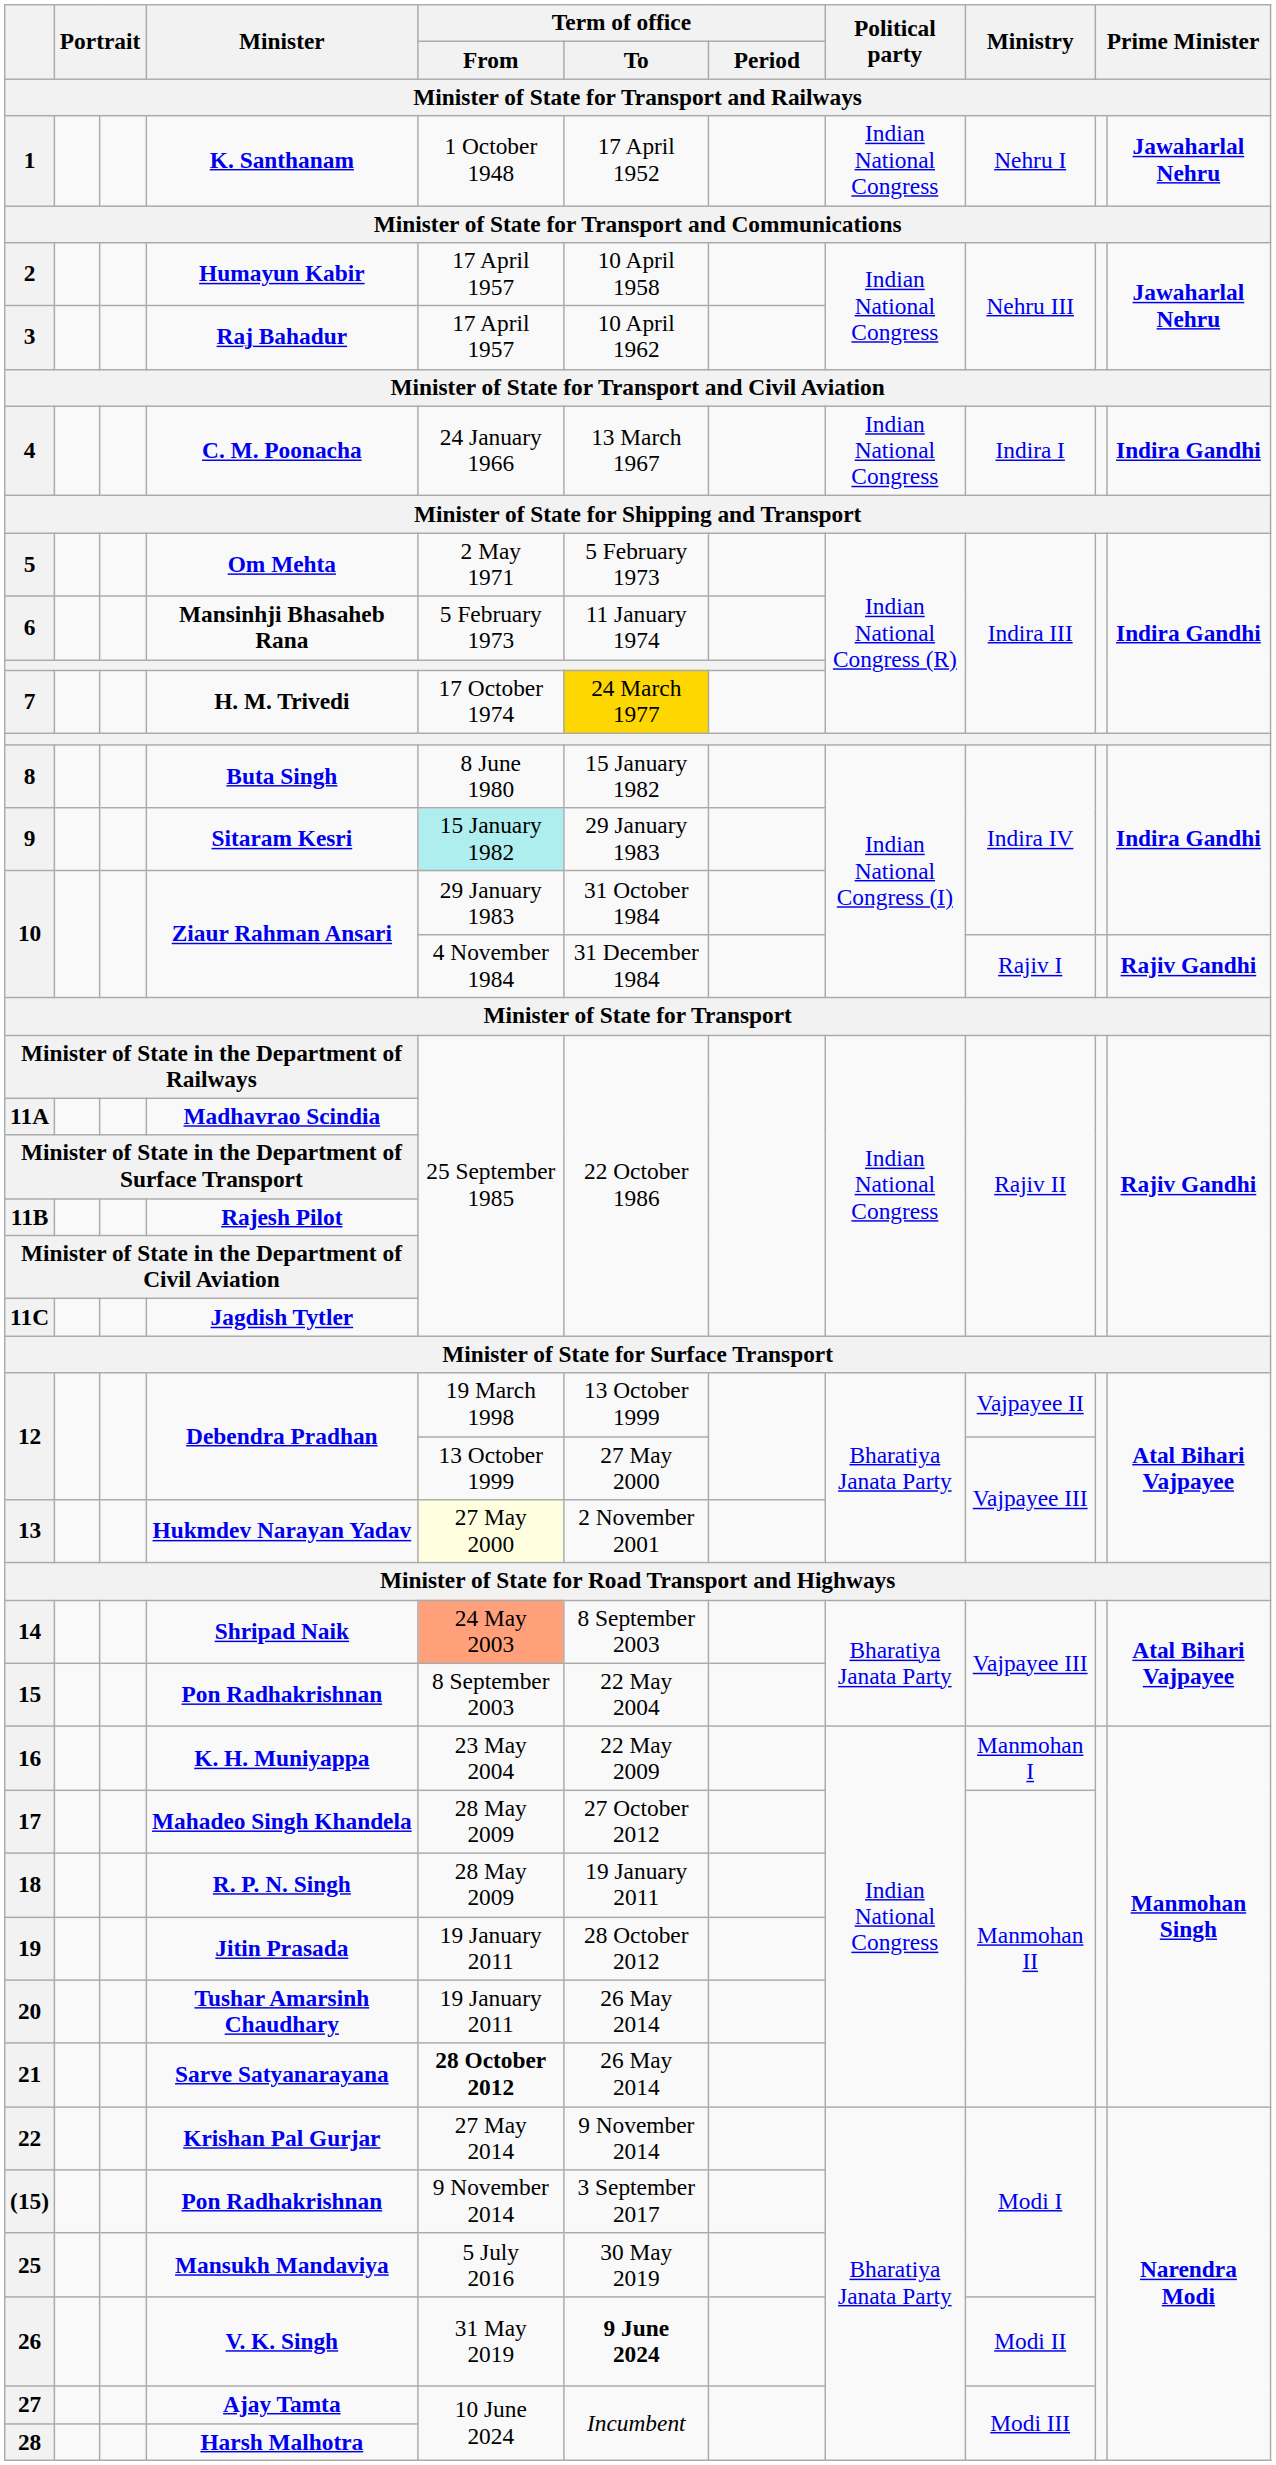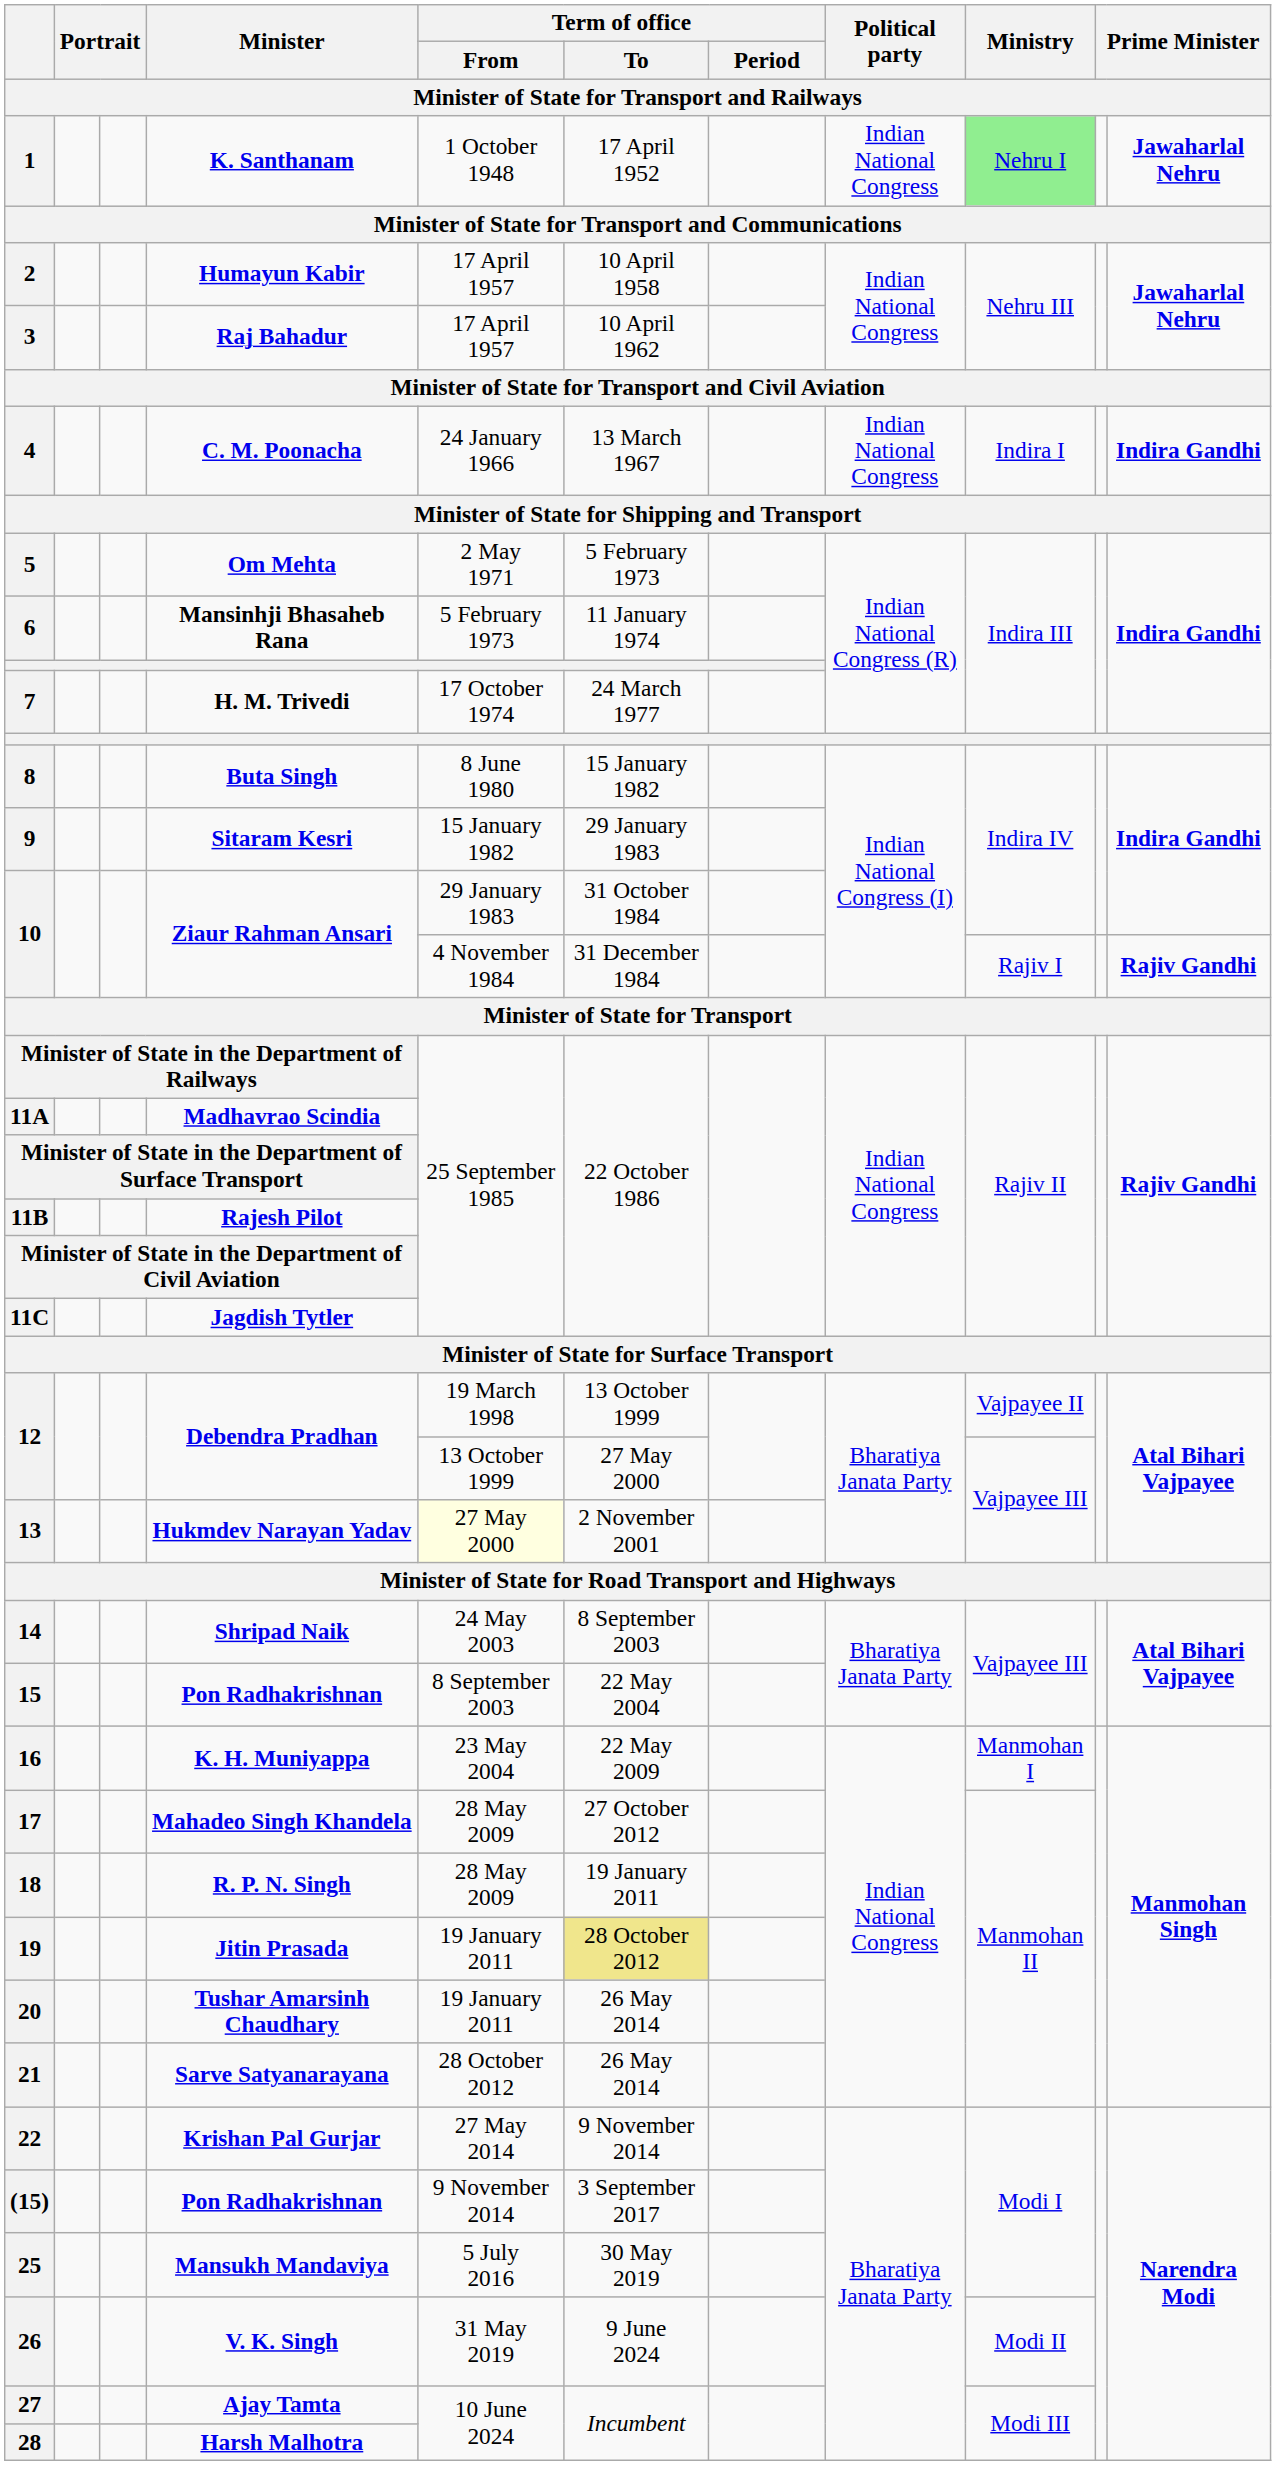 <table class="wikitable" style="text-align:center">
 <tr>
 <th rowspan="2"></th>
 <th rowspan="2" colspan="2">Portrait</th>
 <th rowspan="2" style="width:18em">Minister<br></th>
 <th colspan="3">Term of office</th>
 <th rowspan="2" style="width:8em">Political party</th>
 <th rowspan="2" style="width:6em">Ministry</th>
 <th rowspan="2" colspan="2">Prime Minister</th>
 </tr>
 <tr>
 <th style="width:8em">From</th>
 <th style="width:8em">To</th>
 <th style="width:7em">Period</th>
 </tr>
 <tr>
 <th colspan="11">Minister of State for Transport and Railways</th>
 </tr>
 <tr>
 <th>1</th>
 <td style="color:inherit;background:"></td>
 <td></td>
 <td><strong><a href='#'>K. Santhanam</a></strong><br></td>
 <td>1 October<br>1948</td>
 <td>17 April<br>1952</td>
 <td><strong></strong></td>
 <td><a href='#'>Indian National Congress</a></td>
-<td><a href='#'>Nehru I</a></td>
+<td style="background: lightgreen;"><a href='#'>Nehru I</a></td>
 <td style="color:inherit;background:"></td>
 <td style="width:9em"><strong><a href='#'>Jawaharlal Nehru</a></strong></td>
 </tr>
 <tr>
 <th colspan="11">Minister of State for Transport and Communications</th>
 </tr>
 <tr>
 <th>2</th>
 <td style="color:inherit;background:"></td>
 <td></td>
 <td><strong><a href='#'>Humayun Kabir</a></strong><br></td>
 <td>17 April<br>1957</td>
 <td>10 April<br>1958</td>
 <td><strong></strong></td>
 <td rowspan="2"><a href='#'>Indian National Congress</a></td>
 <td rowspan="2"><a href='#'>Nehru III</a></td>
 <td rowspan="2" style="color:inherit;background:"></td>
 <td rowspan="2"><strong><a href='#'>Jawaharlal Nehru</a></strong></td>
 </tr>
 <tr>
 <th>3</th>
 <td style="color:inherit;background:"></td>
 <td></td>
 <td><strong><a href='#'>Raj Bahadur</a></strong><br></td>
 <td>17 April<br>1957</td>
 <td>10 April<br>1962</td>
 <td><strong></strong></td>
 </tr>
 <tr>
 <th colspan="11">Minister of State for Transport and Civil Aviation</th>
 </tr>
 <tr>
 <th>4</th>
 <td style="color:inherit;background:"></td>
 <td></td>
 <td><strong><a href='#'>C. M. Poonacha</a></strong><br></td>
 <td>24 January<br>1966</td>
 <td>13 March<br>1967</td>
 <td><strong></strong></td>
 <td><a href='#'>Indian National Congress</a></td>
 <td><a href='#'>Indira I</a></td>
 <td style="color:inherit;background:"></td>
 <td><strong><a href='#'>Indira Gandhi</a></strong></td>
 </tr>
 <tr>
 <th colspan="11">Minister of State for Shipping and Transport</th>
 </tr>
 <tr>
 <th>5</th>
 <td style="color:inherit;background:"></td>
 <td></td>
 <td><strong><a href='#'>Om Mehta</a></strong><br></td>
 <td>2 May<br>1971</td>
 <td>5 February<br>1973</td>
 <td><strong></strong></td>
 <td rowspan="4"><a href='#'>Indian National Congress (R)</a></td>
 <td rowspan="4"><a href='#'>Indira III</a></td>
 <td rowspan="4" style="color:inherit;background:"></td>
 <td rowspan="4"><strong><a href='#'>Indira Gandhi</a></strong></td>
 </tr>
 <tr>
 <th>6</th>
 <td style="color:inherit;background:"></td>
 <td></td>
 <td><strong>Mansinhji Bhasaheb Rana</strong><br></td>
 <td>5 February<br>1973</td>
 <td>11 January<br>1974</td>
 <td><strong></strong></td>
 </tr>
 <tr>
 <th colspan="7"></th>
 </tr>
 <tr>
 <th>7</th>
 <td style="color:inherit;background:"></td>
 <td></td>
 <td><strong>H. M. Trivedi</strong><br></td>
 <td>17 October<br>1974</td>
-<td style="background: gold;">24 March<br>1977</td>
+<td>24 March<br>1977</td>
 <td><strong></strong></td>
 </tr>
 <tr>
 <th colspan="11"></th>
 </tr>
 <tr>
 <th>8</th>
 <td style="color:inherit;background:"></td>
 <td></td>
 <td><strong><a href='#'>Buta Singh</a></strong><br></td>
 <td>8 June<br>1980</td>
 <td>15 January<br>1982</td>
 <td><strong></strong></td>
 <td rowspan="4"><a href='#'>Indian National Congress (I)</a></td>
 <td rowspan="3"><a href='#'>Indira IV</a></td>
 <td rowspan="3" style="color:inherit;background:"></td>
 <td rowspan="3"><strong><a href='#'>Indira Gandhi</a></strong></td>
 </tr>
 <tr>
 <th>9</th>
 <td style="color:inherit;background:"></td>
 <td></td>
 <td><strong><a href='#'>Sitaram Kesri</a></strong><br></td>
-<td style="background: paleturquoise;">15 January<br>1982</td>
+<td>15 January<br>1982</td>
 <td>29 January<br>1983</td>
 <td><strong></strong></td>
 </tr>
 <tr>
 <th rowspan="2">10</th>
 <td rowspan="2" style="color:inherit;background:"></td>
 <td rowspan="2"></td>
 <td rowspan="2"><strong><a href='#'>Ziaur Rahman Ansari</a></strong><br></td>
 <td>29 January<br>1983</td>
 <td>31 October<br>1984</td>
 <td><strong></strong></td>
 </tr>
 <tr>
 <td>4 November<br>1984</td>
 <td>31 December<br>1984</td>
 <td><strong></strong></td>
 <td><a href='#'>Rajiv I</a></td>
 <td style="color:inherit;background:"></td>
 <td><strong><a href='#'>Rajiv Gandhi</a></strong></td>
 </tr>
 <tr>
 <th colspan="11">Minister of State for Transport</th>
 </tr>
 <tr>
 <th colspan="4">Minister of State in the Department of Railways</th>
 <td rowspan="6">25 September<br>1985</td>
 <td rowspan="6">22 October<br>1986</td>
 <td rowspan="6"><strong></strong></td>
 <td rowspan="6"><a href='#'>Indian National Congress</a></td>
 <td rowspan="6"><a href='#'>Rajiv II</a></td>
 <td rowspan="6" style="color:inherit;background:"></td>
 <td rowspan="6"><strong><a href='#'>Rajiv Gandhi</a></strong></td>
 </tr>
 <tr>
 <th>11A</th>
 <td style="color:inherit;background:"></td>
 <td></td>
 <td><strong><a href='#'>Madhavrao Scindia</a></strong><br></td>
 </tr>
 <tr>
 <th colspan="4">Minister of State in the Department of Surface Transport</th>
 </tr>
 <tr>
 <th>11B</th>
 <td style="color:inherit;background:"></td>
 <td></td>
 <td><strong><a href='#'>Rajesh Pilot</a></strong><br></td>
 </tr>
 <tr>
 <th colspan="4">Minister of State in the Department of Civil Aviation</th>
 </tr>
 <tr>
 <th>11C</th>
 <td style="color:inherit;background:"></td>
 <td></td>
 <td><strong><a href='#'>Jagdish Tytler</a></strong><br></td>
 </tr>
 <tr>
 <th colspan="11">Minister of State for Surface Transport</th>
 </tr>
 <tr>
 <th rowspan="2">12</th>
 <td rowspan="2" style="color:inherit;background:"></td>
 <td rowspan="2"></td>
 <td rowspan="2"><strong><a href='#'>Debendra Pradhan</a></strong><br></td>
 <td>19 March<br>1998</td>
 <td>13 October<br>1999</td>
 <td rowspan="2"><strong></strong></td>
 <td rowspan="3"><a href='#'>Bharatiya Janata Party</a></td>
 <td><a href='#'>Vajpayee II</a></td>
 <td rowspan="3" style="color:inherit;background:"></td>
 <td rowspan="3"><strong><a href='#'>Atal Bihari Vajpayee</a></strong></td>
 </tr>
 <tr>
 <td>13 October<br>1999</td>
 <td>27 May<br>2000</td>
 <td rowspan="2"><a href='#'>Vajpayee III</a></td>
 </tr>
 <tr>
 <th>13</th>
 <td style="color:inherit;background:"></td>
 <td></td>
 <td><strong><a href='#'>Hukmdev Narayan Yadav</a></strong><br></td>
 <td style="background: lightyellow;">27 May<br>2000</td>
 <td>2 November<br>2001</td>
 <td><strong></strong></td>
 </tr>
 <tr>
 <th colspan="11">Minister of State for Road Transport and Highways</th>
 </tr>
 <tr>
 <th>14</th>
 <td style="color:inherit;background:"></td>
 <td></td>
 <td><strong><a href='#'>Shripad Naik</a></strong><br></td>
-<td style="background: lightsalmon;">24 May<br>2003</td>
+<td>24 May<br>2003</td>
 <td>8 September<br>2003</td>
 <td><strong></strong></td>
 <td rowspan="2"><a href='#'>Bharatiya Janata Party</a></td>
 <td rowspan="2"><a href='#'>Vajpayee III</a></td>
 <td rowspan="2" style="color:inherit;background:"></td>
 <td rowspan="2"><strong><a href='#'>Atal Bihari Vajpayee</a></strong></td>
 </tr>
 <tr>
 <th>15</th>
 <td style="color:inherit;background:"></td>
 <td></td>
 <td><strong><a href='#'>Pon Radhakrishnan</a></strong><br></td>
 <td>8 September<br>2003</td>
 <td>22 May<br>2004</td>
 <td><strong></strong></td>
 </tr>
 <tr>
 <th>16</th>
 <td style="color:inherit;background:"></td>
 <td></td>
 <td><strong><a href='#'>K. H. Muniyappa</a></strong><br></td>
 <td>23 May<br>2004</td>
 <td>22 May<br>2009</td>
 <td><strong></strong></td>
 <td rowspan="6"><a href='#'>Indian National Congress</a></td>
 <td><a href='#'>Manmohan I</a></td>
 <td rowspan="6" style="color:inherit;background:"></td>
 <td rowspan="6"><strong><a href='#'>Manmohan Singh</a></strong></td>
 </tr>
 <tr>
 <th>17</th>
 <td style="color:inherit;background:"></td>
 <td></td>
 <td><strong><a href='#'>Mahadeo Singh Khandela</a></strong><br></td>
 <td>28 May<br>2009</td>
 <td>27 October<br>2012</td>
 <td><strong></strong></td>
 <td rowspan="5"><a href='#'>Manmohan II</a></td>
 </tr>
 <tr>
 <th>18</th>
 <td style="color:inherit;background:"></td>
 <td></td>
 <td><strong><a href='#'>R. P. N. Singh</a></strong><br></td>
 <td>28 May<br>2009</td>
 <td>19 January<br>2011</td>
 <td><strong></strong></td>
 </tr>
 <tr>
 <th>19</th>
 <td style="color:inherit;background:"></td>
 <td></td>
 <td><strong><a href='#'>Jitin Prasada</a></strong><br></td>
 <td>19 January<br>2011</td>
-<td>28 October<br>2012</td>
+<td style="background: khaki;">28 October<br>2012</td>
 <td><strong></strong></td>
 </tr>
 <tr>
 <th>20</th>
 <td style="color:inherit;background:"></td>
 <td></td>
 <td><strong><a href='#'>Tushar Amarsinh Chaudhary</a></strong><br></td>
 <td>19 January<br>2011</td>
 <td>26 May<br>2014</td>
 <td><strong></strong></td>
 </tr>
 <tr>
 <th>21</th>
 <td style="color:inherit;background:"></td>
 <td></td>
 <td><strong><a href='#'>Sarve Satyanarayana</a></strong><br></td>
-<td><strong>28 October<br>2012</strong></td>
+<td>28 October<br>2012</td>
 <td>26 May<br>2014</td>
 <td><strong></strong></td>
 </tr>
 <tr>
 <th>22</th>
 <td style="color:inherit;background:"></td>
 <td></td>
 <td><strong><a href='#'>Krishan Pal Gurjar</a></strong><br></td>
 <td>27 May<br>2014</td>
 <td>9 November<br>2014</td>
 <td><strong></strong></td>
 <td rowspan="6"><a href='#'>Bharatiya Janata Party</a></td>
 <td rowspan="3"><a href='#'>Modi I</a></td>
 <td rowspan="6" style="color:inherit;background:"></td>
 <td rowspan="6"><strong><a href='#'>Narendra Modi</a></strong></td>
 </tr>
 <tr>
 <th>(15)</th>
 <td style="color:inherit;background:"></td>
 <td></td>
 <td><strong><a href='#'>Pon Radhakrishnan</a></strong><br></td>
 <td>9 November<br>2014</td>
 <td>3 September<br>2017</td>
 <td><strong></strong></td>
 </tr>
 <tr>
 <th>25</th>
 <td style="color:inherit;background:"></td>
 <td></td>
 <td><strong><a href='#'>Mansukh Mandaviya</a></strong><br></td>
 <td>5 July<br>2016</td>
 <td>30 May<br>2019</td>
 <td><strong></strong></td>
 </tr>
 <tr>
 <th>26</th>
 <td style="color:inherit;background:"></td>
 <td></td>
 <td><br><strong><a href='#'>V. K. Singh</a></strong> <br><br></td>
 <td>31 May<br>2019</td>
-<td><strong>9 June<br>2024</strong></td>
+<td>9 June<br>2024</td>
 <td><strong></strong></td>
 <td><a href='#'>Modi II</a></td>
 </tr>
 <tr>
 <th>27</th>
 <td style="color:inherit;background:"></td>
 <td></td>
 <td><strong><a href='#'>Ajay Tamta</a></strong><br></td>
 <td rowspan="2">10 June<br>2024</td>
 <td rowspan="2"><em>Incumbent</em></td>
 <td rowspan="2"><strong></strong></td>
 <td rowspan="2"><a href='#'>Modi III</a></td>
 </tr>
 <tr>
 <th>28</th>
 <td style="color:inherit;background:"></td>
 <td></td>
 <td><strong><a href='#'>Harsh Malhotra</a></strong><br></td>
 </tr>
 <tr>
 </tr>
 </table>
